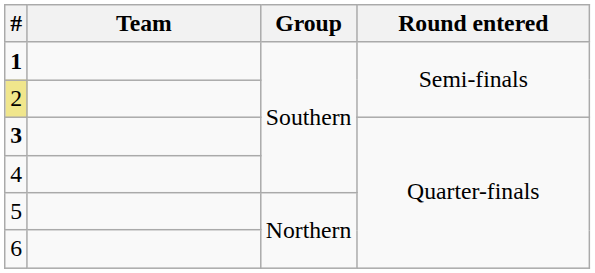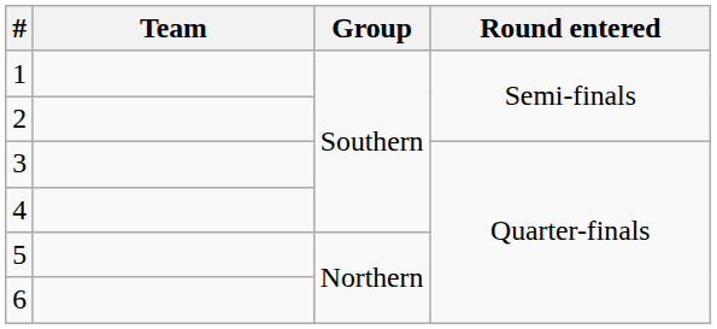 <table class="wikitable" style="text-align: center; font-size: 100%;">
 <tr>
 <th>#</th>
 <th width=150>Team</th>
 <th>Group</th>
 <th width=150>Round entered</th>
 </tr>
 <tr>
-<td><strong>1</strong></td>
+<td>1</td>
 <td align=left></td>
 <td rowspan=4>Southern</td>
 <td rowspan=2>Semi-finals</td>
 </tr>
 <tr>
-<td style="background: khaki;">2</td>
+<td>2</td>
 <td align=left></td>
 </tr>
 <tr>
-<td><strong>3</strong></td>
+<td>3</td>
 <td align=left></td>
 <td rowspan=4>Quarter-finals</td>
 </tr>
 <tr>
 <td>4</td>
 <td align=left></td>
 </tr>
 <tr>
 <td>5</td>
 <td align=left></td>
 <td rowspan=2>Northern</td>
 </tr>
 <tr>
 <td>6</td>
 <td align=left></td>
 </tr>
 </table>
